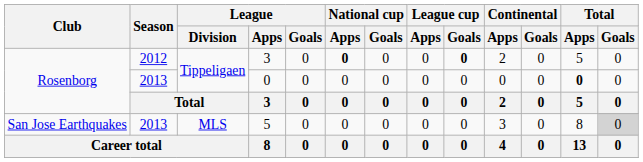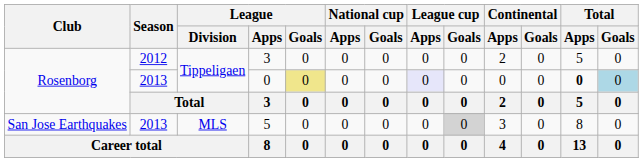 <table class="wikitable" style="text-align:center">
 <tr>
 <th rowspan="2">Club</th>
 <th rowspan="2">Season</th>
 <th colspan="3">League</th>
 <th colspan="2">National cup</th>
 <th colspan="2">League cup</th>
 <th colspan="2">Continental</th>
 <th colspan="2">Total</th>
 </tr>
 <tr>
 <th>Division</th>
 <th>Apps</th>
 <th>Goals</th>
 <th>Apps</th>
 <th>Goals</th>
 <th>Apps</th>
 <th>Goals</th>
 <th>Apps</th>
 <th>Goals</th>
 <th>Apps</th>
 <th>Goals</th>
 </tr>
 <tr>
 <td rowspan="3"><a href='#'>Rosenborg</a></td>
 <td><a href='#'>2012</a></td>
 <td rowspan="2"><a href='#'>Tippeligaen</a></td>
 <td>3</td>
 <td>0</td>
-<td><strong>0</strong></td>
 <td>0</td>
 <td>0</td>
-<td><strong>0</strong></td>
+<td>0</td>
+<td>0</td>
 <td>2</td>
 <td>0</td>
 <td>5</td>
 <td>0</td>
 </tr>
 <tr>
 <td><a href='#'>2013</a></td>
 <td>0</td>
+<td style="background: khaki;">0</td>
 <td>0</td>
 <td>0</td>
-<td>0</td>
-<td>0</td>
+<td style="background: lavender;">0</td>
 <td>0</td>
 <td>0</td>
 <td>0</td>
 <td><strong>0</strong></td>
-<td>0</td>
+<td style="background: lightblue;">0</td>
 </tr>
 <tr>
 <th colspan="2">Total</th>
 <th>3</th>
 <th>0</th>
 <th>0</th>
 <th>0</th>
 <th>0</th>
 <th>0</th>
 <th>2</th>
 <th>0</th>
 <th>5</th>
 <th>0</th>
 </tr>
 <tr>
 <td><a href='#'>San Jose Earthquakes</a></td>
 <td><a href='#'>2013</a></td>
 <td><a href='#'>MLS</a></td>
 <td>5</td>
 <td>0</td>
 <td>0</td>
 <td>0</td>
 <td>0</td>
-<td>0</td>
+<td style="background: lightgrey;">0</td>
 <td>3</td>
 <td>0</td>
 <td>8</td>
-<td style="background: lightgrey;">0</td>
+<td>0</td>
 </tr>
 <tr>
 <th colspan="3">Career total</th>
 <th>8</th>
 <th>0</th>
 <th>0</th>
 <th>0</th>
 <th>0</th>
 <th>0</th>
 <th>4</th>
 <th>0</th>
 <th>13</th>
 <th>0</th>
 </tr>
 </table>
